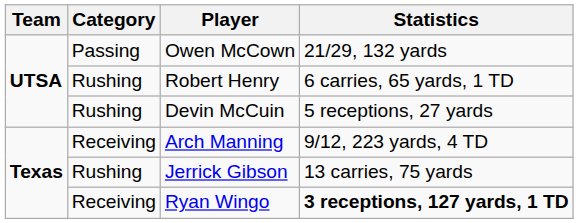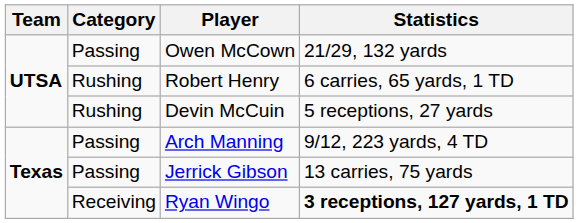 <table class="wikitable" style="float: right;">
 <tr>
 <th>Team</th>
 <th>Category</th>
 <th>Player</th>
 <th>Statistics</th>
 </tr>
 <tr>
 <td rowspan=3><strong>UTSA</strong></td>
 <td>Passing</td>
 <td>Owen McCown</td>
 <td>21/29, 132 yards</td>
 </tr>
 <tr>
 <td>Rushing</td>
 <td>Robert Henry</td>
 <td>6 carries, 65 yards, 1 TD</td>
 </tr>
 <tr>
 <td>Rushing</td>
 <td>Devin McCuin</td>
 <td>5 receptions, 27 yards</td>
 </tr>
 <tr>
 <td rowspan=3><strong>Texas</strong></td>
-<td>Receiving</td>
+<td>Passing</td>
 <td><a href='#'>Arch Manning</a></td>
 <td>9/12, 223 yards, 4 TD</td>
 </tr>
 <tr>
-<td>Rushing</td>
+<td>Passing</td>
 <td><a href='#'>Jerrick Gibson</a></td>
 <td>13 carries, 75 yards</td>
 </tr>
 <tr>
 <td>Receiving</td>
 <td><a href='#'>Ryan Wingo</a></td>
 <td><strong>3 receptions, 127 yards, 1 TD</strong></td>
 </tr>
 </table>
